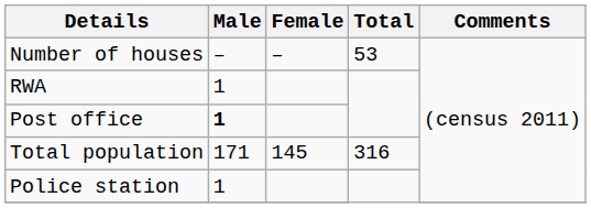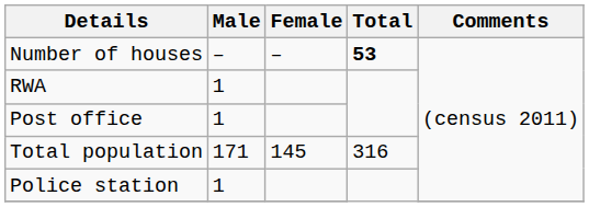 <table class="wikitable sortable">
 <tr>
 <th>Details</th>
 <th>Male</th>
 <th>Female</th>
 <th>Total</th>
 <th>Comments</th>
 </tr>
 <tr>
 <td>Number of houses</td>
 <td>–</td>
 <td>–</td>
-<td>53</td>
+<td><strong>53</strong></td>
 <td rowspan="5">(census 2011)</td>
 </tr>
 <tr>
 <td>RWA</td>
 <td>1</td>
 <td></td>
 </tr>
 <tr>
 <td>Post office</td>
-<td><strong>1</strong></td>
+<td>1</td>
 <td></td>
 </tr>
 <tr>
 <td>Total population</td>
 <td>171</td>
 <td>145</td>
 <td>316</td>
 </tr>
 <tr>
 <td>Police station</td>
 <td>1</td>
 <td></td>
 </tr>
 <tr>
 </tr>
 </table>
